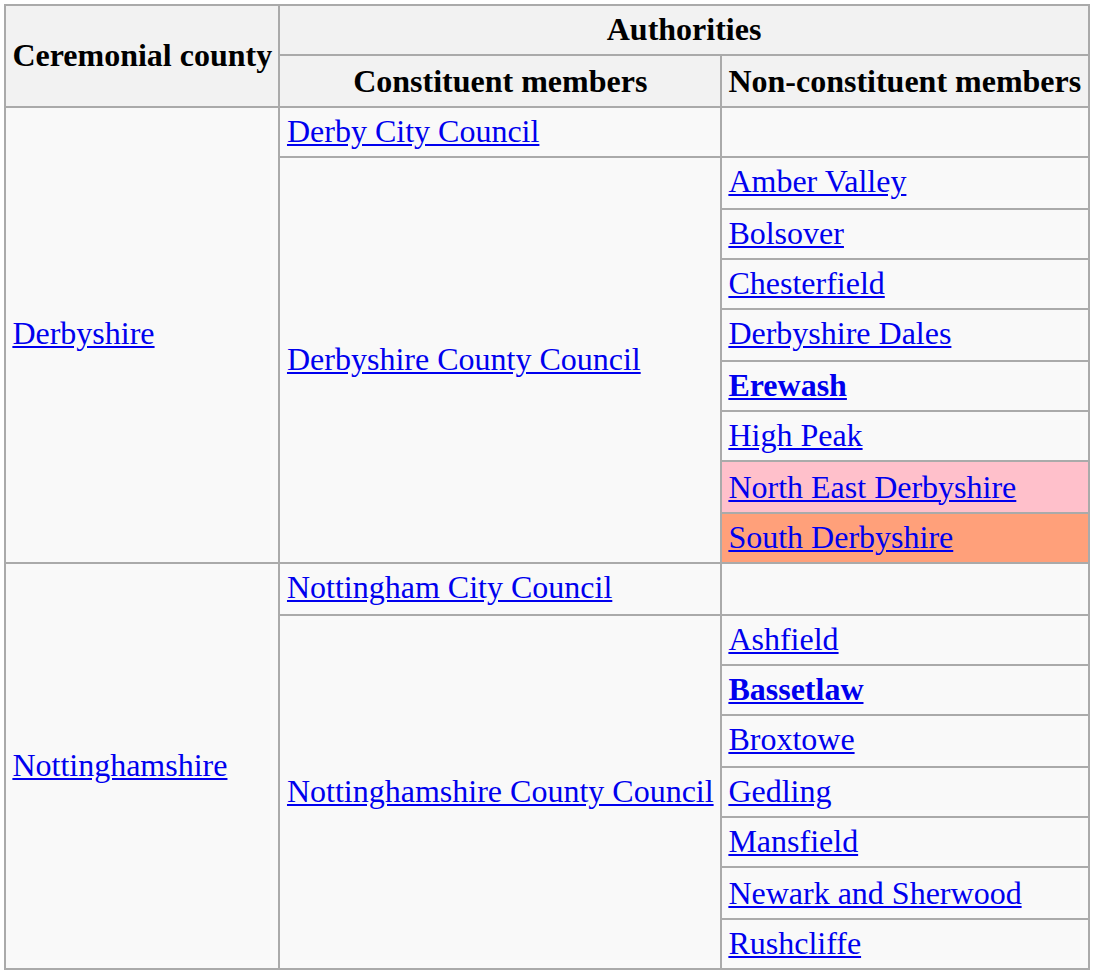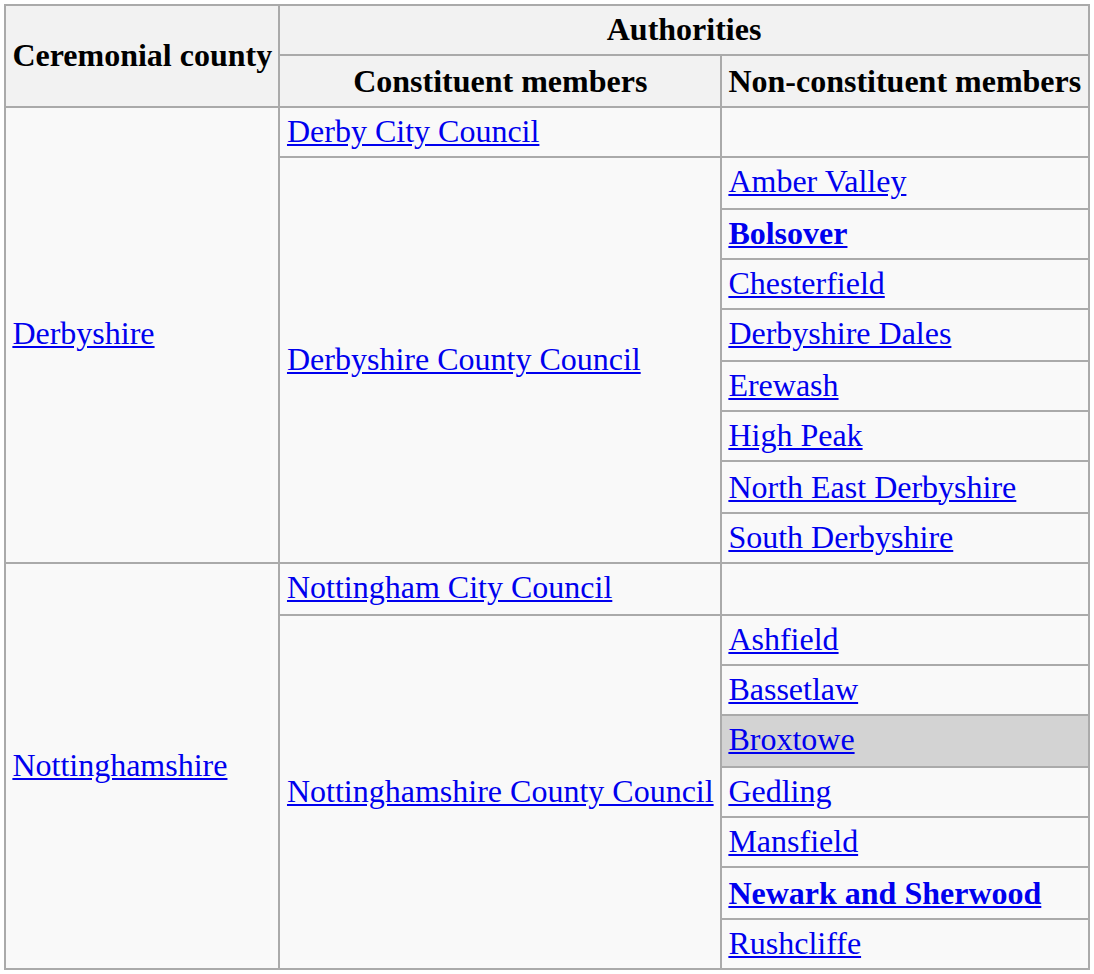 <table class="wikitable center" style="text-align:left;">
 <tr>
 <th rowspan=2 scope=col>Ceremonial county</th>
 <th scope=col colspan=2>Authorities</th>
 </tr>
 <tr>
 <th>Constituent members</th>
 <th>Non-constituent members</th>
 </tr>
 <tr>
 <td rowspan=9><a href='#'>Derbyshire</a></td>
 <td><a href='#'>Derby City Council</a></td>
 <td></td>
 </tr>
 <tr>
 <td rowspan=8><a href='#'>Derbyshire County Council</a></td>
 <td><a href='#'>Amber Valley</a></td>
 </tr>
 <tr>
-<td><a href='#'>Bolsover</a></td>
+<td><strong><a href='#'>Bolsover</a></strong></td>
 </tr>
 <tr>
 <td><a href='#'>Chesterfield</a></td>
 </tr>
 <tr>
 <td><a href='#'>Derbyshire Dales</a></td>
 </tr>
 <tr>
-<td><strong><a href='#'>Erewash</a></strong></td>
+<td><a href='#'>Erewash</a></td>
 </tr>
 <tr>
 <td><a href='#'>High Peak</a></td>
 </tr>
 <tr>
-<td style="background: pink;"><a href='#'>North East Derbyshire</a></td>
+<td><a href='#'>North East Derbyshire</a></td>
 </tr>
 <tr>
-<td style="background: lightsalmon;"><a href='#'>South Derbyshire</a></td>
+<td><a href='#'>South Derbyshire</a></td>
 </tr>
 <tr>
 <td rowspan=8><a href='#'>Nottinghamshire</a></td>
 <td><a href='#'>Nottingham City Council</a></td>
 <td></td>
 </tr>
 <tr>
 <td rowspan=7><a href='#'>Nottinghamshire County Council</a></td>
 <td><a href='#'>Ashfield</a></td>
 </tr>
 <tr>
-<td><strong><a href='#'>Bassetlaw</a></strong></td>
+<td><a href='#'>Bassetlaw</a></td>
 </tr>
 <tr>
-<td><a href='#'>Broxtowe</a></td>
+<td style="background: lightgrey;"><a href='#'>Broxtowe</a></td>
 </tr>
 <tr>
 <td><a href='#'>Gedling</a></td>
 </tr>
 <tr>
 <td><a href='#'>Mansfield</a></td>
 </tr>
 <tr>
-<td><a href='#'>Newark and Sherwood</a></td>
+<td><strong><a href='#'>Newark and Sherwood</a></strong></td>
 </tr>
 <tr>
 <td><a href='#'>Rushcliffe</a></td>
 </tr>
 </table>
